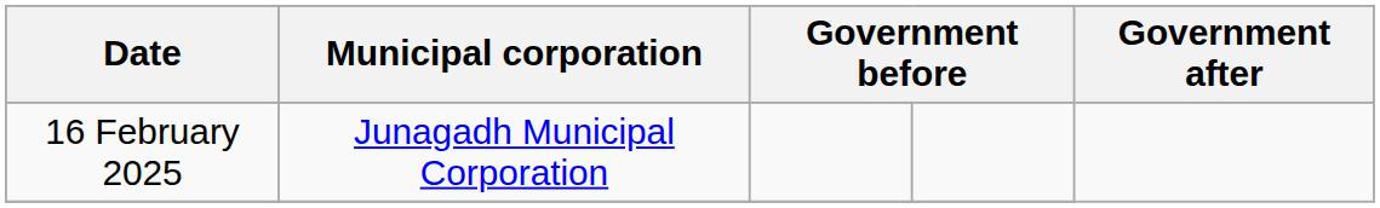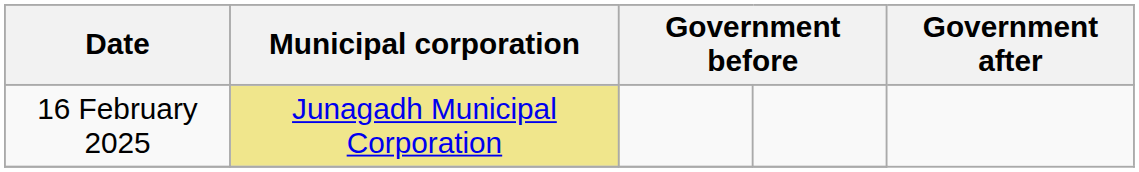 <table class="wikitable sortable"style="text-align:center;">
 <tr>
 <th>Date</th>
 <th>Municipal corporation</th>
 <th colspan="2">Government before</th>
 <th colspan="2">Government after</th>
 </tr>
 <tr>
 <td>16 February 2025</td>
-<td><a href='#'>Junagadh Municipal Corporation</a></td>
+<td style="background: khaki;"><a href='#'>Junagadh Municipal Corporation</a></td>
 <td></td>
 <td></td>
 </tr>
 <tr>
 </tr>
 </table>
